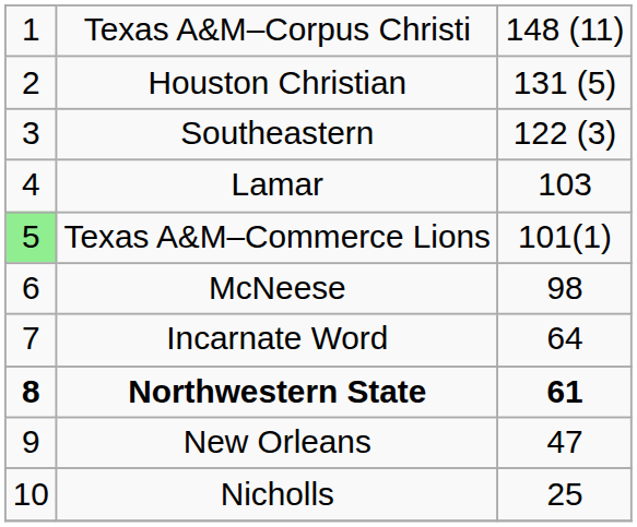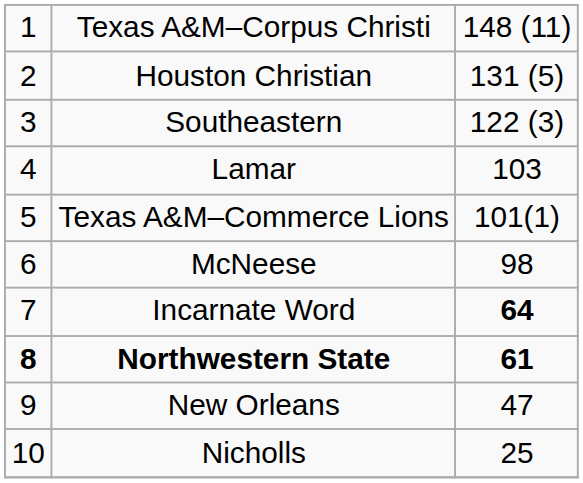 <table class="wikitable">
 <tr align="center">
 <td>1</td>
 <td>Texas A&M–Corpus Christi</td>
 <td>148 (11)</td>
 </tr>
 <tr align="center">
 <td>2</td>
 <td>Houston Christian</td>
 <td>131 (5)</td>
 </tr>
 <tr align="center">
 <td>3</td>
 <td>Southeastern</td>
 <td>122 (3)</td>
 </tr>
 <tr align="center">
 <td>4</td>
 <td>Lamar</td>
 <td>103</td>
 </tr>
 <tr align="center">
-<td style="background: lightgreen;">5</td>
+<td>5</td>
 <td>Texas A&M–Commerce Lions</td>
 <td>101(1)</td>
 </tr>
 <tr align="center">
 <td>6</td>
 <td>McNeese</td>
 <td>98</td>
 </tr>
 <tr align="center">
 <td>7</td>
 <td>Incarnate Word</td>
-<td>64</td>
+<td><strong>64</strong></td>
 </tr>
 <tr align="center">
 <td><strong>8</strong></td>
 <td><strong>Northwestern State</strong></td>
 <td><strong>61</strong></td>
 </tr>
 <tr align="center">
 <td>9</td>
 <td>New Orleans</td>
 <td>47</td>
 </tr>
 <tr align="center">
 <td>10</td>
 <td>Nicholls</td>
 <td>25</td>
 </tr>
 <tr align="center">
 </tr>
 </table>
